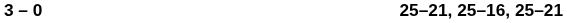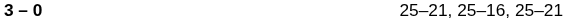 <table width=100% cellspacing=1>
 <tr>
 <th width=20%></th>
 <th width=12%></th>
 <th width=20%></th>
 <th width=33%></th>
 <td></td>
 </tr>
 <tr style=font-size:95%>
 <td align=right><strong></strong></td>
 <td align=center><strong>3 – 0</strong></td>
 <td></td>
-<td><strong>25–21, 25–16, 25–21</strong></td>
+<td>25–21, 25–16, 25–21</td>
 </tr>
 </table>
